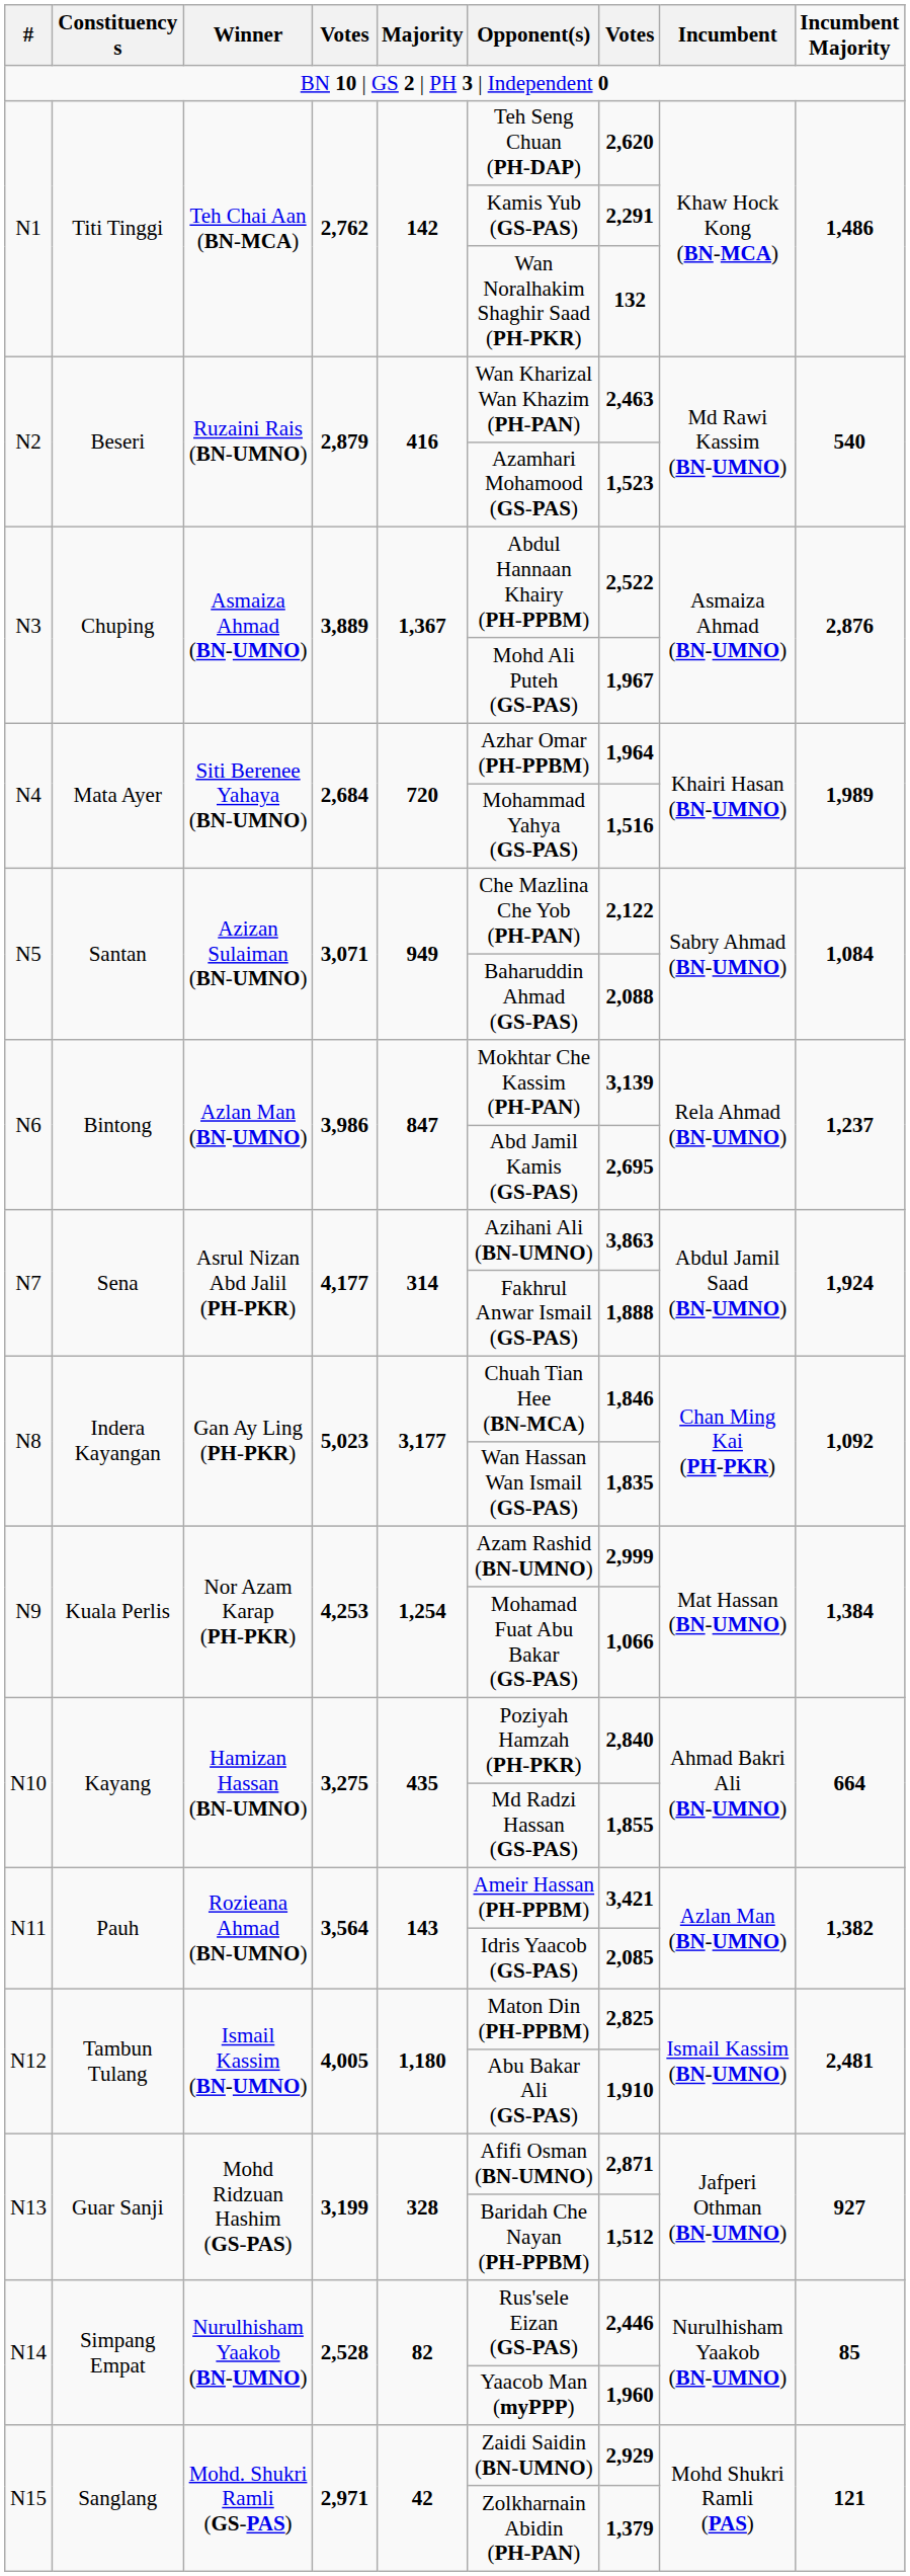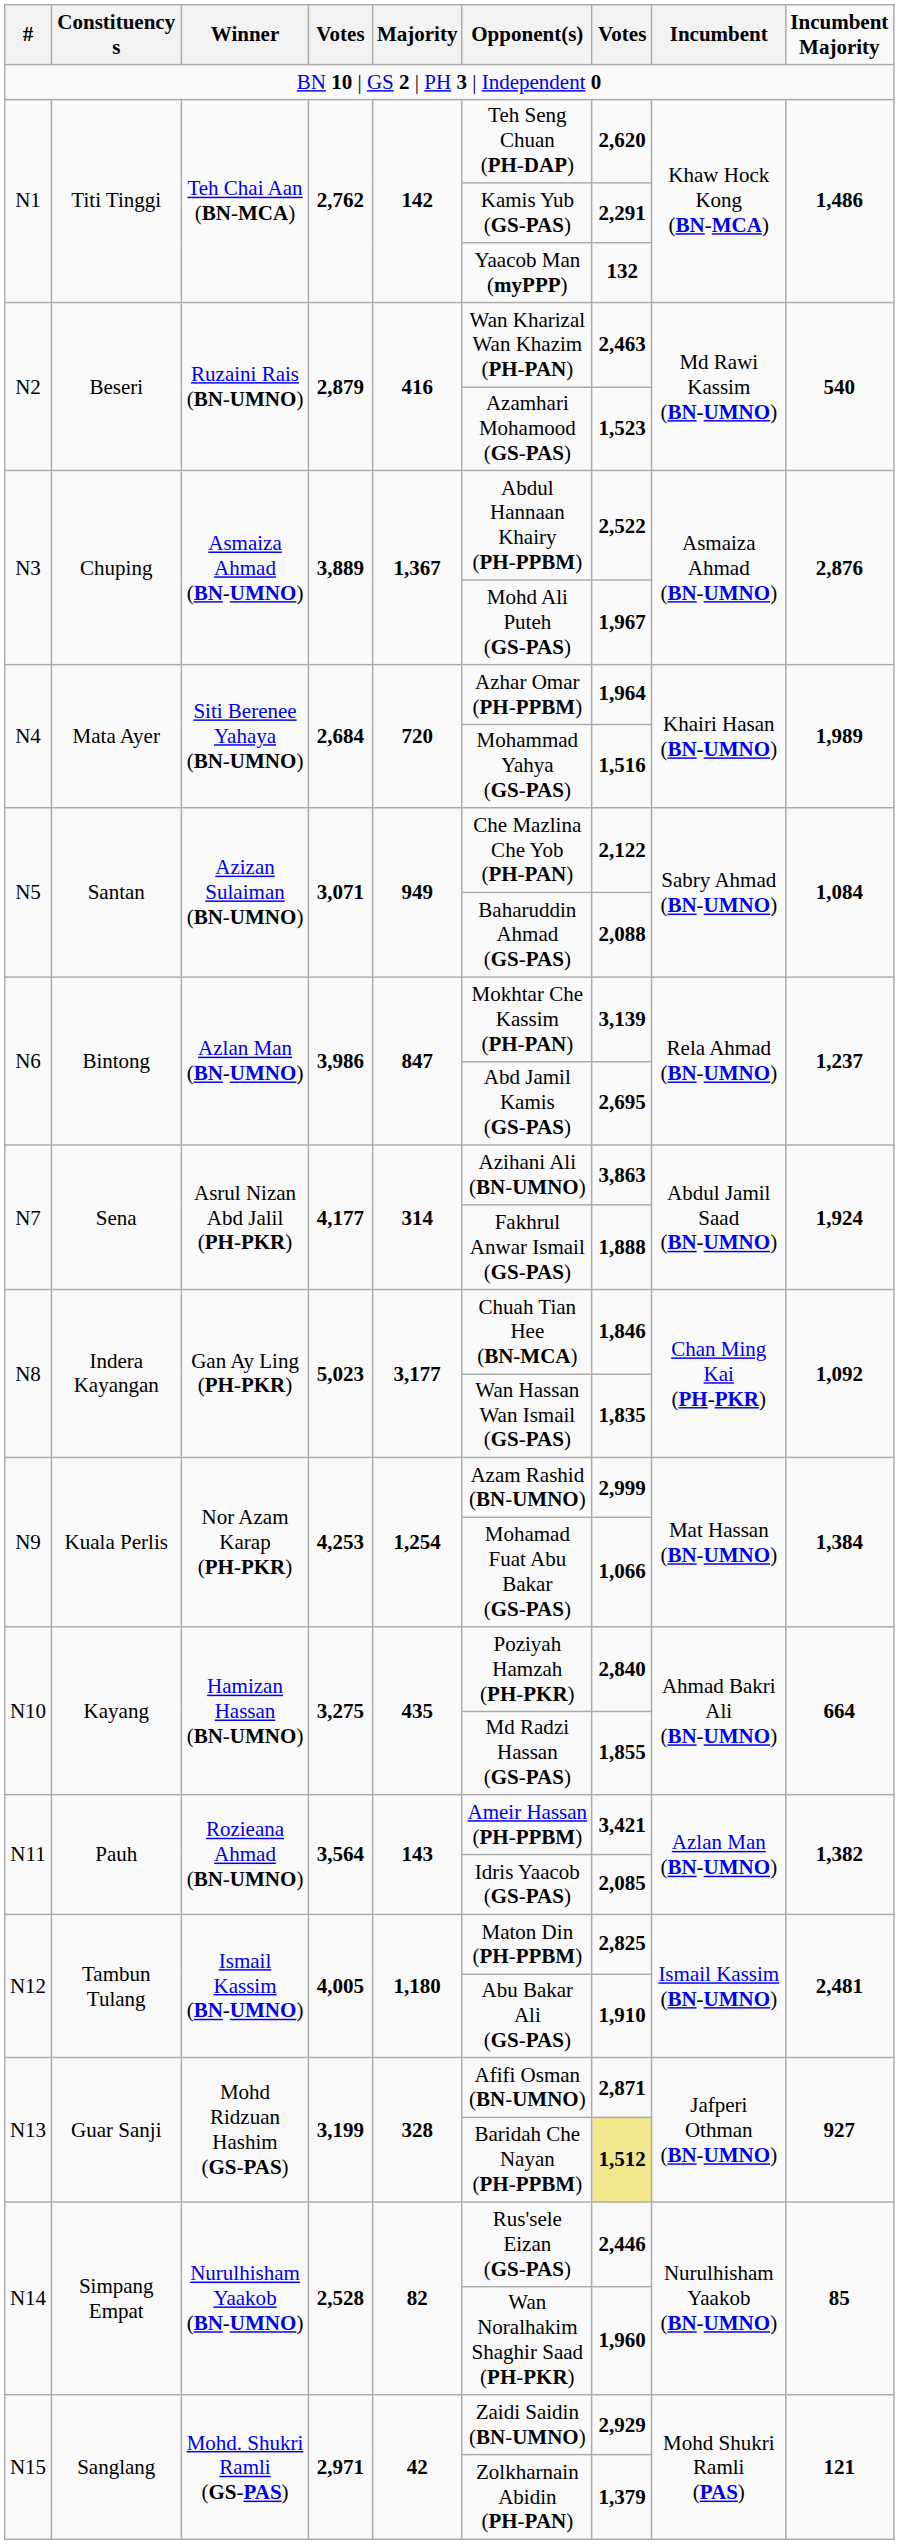 <table class="wikitable" style="text-align:center; font-size:90%">
 <tr>
 <th width="30">#</th>
 <th width="100">Constituency  s</th>
 <th width="150">Winner</th>
 <th width="80">Votes</th>
 <th width="50">Majority</th>
 <th width="150">Opponent(s)</th>
 <th width="50">Votes</th>
 <th width="200">Incumbent</th>
 <td><strong>Incumbent Majority</strong></td>
 </tr>
 <tr>
 <td colspan="13"><a href='#'>BN</a> <strong>10</strong> | <a href='#'>GS</a> <strong>2</strong> | <a href='#'>PH</a> <strong>3</strong> | <a href='#'>Independent</a> <strong>0</strong></td>
 </tr>
 <tr align="center">
 <td rowspan="3">N1</td>
 <td rowspan="3">Titi Tinggi</td>
 <td rowspan="3"><a href='#'>Teh Chai Aan</a> <br> (<strong>BN</strong>-<strong>MCA</strong>)</td>
 <td rowspan="3"><strong>2,762</strong></td>
 <td rowspan="3"><strong>142</strong></td>
 <td>Teh Seng Chuan <br> (<strong>PH</strong>-<strong>DAP</strong>)</td>
 <td><strong>2,620</strong></td>
 <td rowspan="3">Khaw Hock Kong <br> (<strong><a href='#'>BN</a></strong>-<strong><a href='#'>MCA</a></strong>)</td>
 <td rowspan="3"><strong>1,486</strong></td>
 </tr>
 <tr>
 <td>Kamis Yub <br> (<strong>GS</strong>-<strong>PAS</strong>)</td>
 <td><strong>2,291</strong></td>
 </tr>
 <tr>
-<td>Wan Noralhakim Shaghir Saad <br> (<strong>PH</strong>-<strong>PKR</strong>)</td>
+<td>Yaacob Man <br> (<strong>myPPP</strong>)</td>
 <td><strong>132</strong></td>
 </tr>
 <tr>
 <td rowspan="2">N2</td>
 <td rowspan="2">Beseri</td>
 <td rowspan="2"><a href='#'>Ruzaini Rais</a> <br> (<strong>BN</strong>-<strong>UMNO</strong>)</td>
 <td rowspan="2"><strong>2,879</strong></td>
 <td rowspan="2"><strong>416</strong></td>
 <td>Wan Kharizal Wan Khazim <br> (<strong>PH</strong>-<strong>PAN</strong>)</td>
 <td><strong>2,463</strong></td>
 <td rowspan="2">Md Rawi Kassim<br> (<strong><a href='#'>BN</a></strong>-<strong><a href='#'>UMNO</a></strong>)</td>
 <td rowspan="2"><strong>540</strong></td>
 </tr>
 <tr>
 <td>Azamhari Mohamood <br> (<strong>GS</strong>-<strong>PAS</strong>)</td>
 <td><strong>1,523</strong></td>
 </tr>
 <tr>
 <td rowspan="2">N3</td>
 <td rowspan="2">Chuping</td>
 <td rowspan="2"><a href='#'>Asmaiza Ahmad</a><br> (<strong><a href='#'>BN</a></strong>-<strong><a href='#'>UMNO</a></strong>)</td>
 <td rowspan="2"><strong>3,889</strong></td>
 <td rowspan="2"><strong>1,367</strong></td>
 <td>Abdul Hannaan Khairy <br> (<strong>PH</strong>-<strong>PPBM</strong>)</td>
 <td><strong>2,522</strong></td>
 <td rowspan="2">Asmaiza Ahmad<br> (<strong><a href='#'>BN</a></strong>-<strong><a href='#'>UMNO</a></strong>)</td>
 <td rowspan="2"><strong>2,876</strong></td>
 </tr>
 <tr>
 <td>Mohd Ali Puteh <br> (<strong>GS</strong>-<strong>PAS</strong>)</td>
 <td><strong>1,967</strong></td>
 </tr>
 <tr>
 <td rowspan="2">N4</td>
 <td rowspan="2">Mata Ayer</td>
 <td rowspan="2"><a href='#'>Siti Berenee Yahaya</a> <br> (<strong>BN</strong>-<strong>UMNO</strong>)</td>
 <td rowspan="2"><strong>2,684</strong></td>
 <td rowspan="2"><strong>720</strong></td>
 <td>Azhar Omar <br> (<strong>PH</strong>-<strong>PPBM</strong>)</td>
 <td><strong>1,964</strong></td>
 <td rowspan="2">Khairi Hasan<br> (<strong><a href='#'>BN</a></strong>-<strong><a href='#'>UMNO</a></strong>)</td>
 <td rowspan="2"><strong>1,989</strong></td>
 </tr>
 <tr>
 <td>Mohammad Yahya <br> (<strong>GS</strong>-<strong>PAS</strong>)</td>
 <td><strong>1,516</strong></td>
 </tr>
 <tr>
 <td rowspan="2">N5</td>
 <td rowspan="2">Santan</td>
 <td rowspan="2"><a href='#'>Azizan Sulaiman</a> <br> (<strong>BN</strong>-<strong>UMNO</strong>)</td>
 <td rowspan="2"><strong>3,071</strong></td>
 <td rowspan="2"><strong>949</strong></td>
 <td>Che Mazlina Che Yob <br> (<strong>PH</strong>-<strong>PAN</strong>)</td>
 <td><strong>2,122</strong></td>
 <td rowspan="2">Sabry Ahmad<br> (<strong><a href='#'>BN</a></strong>-<strong><a href='#'>UMNO</a></strong>)</td>
 <td rowspan="2"><strong>1,084</strong></td>
 </tr>
 <tr>
 <td>Baharuddin Ahmad <br> (<strong>GS</strong>-<strong>PAS</strong>)</td>
 <td><strong>2,088</strong></td>
 </tr>
 <tr>
 <td rowspan="2">N6</td>
 <td rowspan="2">Bintong</td>
 <td rowspan="2"><a href='#'>Azlan Man</a> <br> (<strong><a href='#'>BN</a></strong>-<strong><a href='#'>UMNO</a></strong>)</td>
 <td rowspan="2"><strong>3,986</strong></td>
 <td rowspan="2"><strong>847</strong></td>
 <td>Mokhtar Che Kassim <br> (<strong>PH</strong>-<strong>PAN</strong>)</td>
 <td><strong>3,139</strong></td>
 <td rowspan="2">Rela Ahmad <br> (<strong><a href='#'>BN</a></strong>-<strong><a href='#'>UMNO</a></strong>)</td>
 <td rowspan="2"><strong>1,237</strong></td>
 </tr>
 <tr>
 <td>Abd Jamil Kamis <br> (<strong>GS</strong>-<strong>PAS</strong>)</td>
 <td><strong>2,695</strong></td>
 </tr>
 <tr>
 <td rowspan="2">N7</td>
 <td rowspan="2">Sena</td>
 <td rowspan="2">Asrul Nizan Abd Jalil <br> (<strong>PH</strong>-<strong>PKR</strong>)</td>
 <td rowspan="2"><strong>4,177</strong></td>
 <td rowspan="2"><strong>314</strong></td>
 <td>Azihani Ali <br> (<strong>BN</strong>-<strong>UMNO</strong>)</td>
 <td><strong>3,863</strong></td>
 <td rowspan="2">Abdul Jamil Saad<br> (<strong><a href='#'>BN</a></strong>-<strong><a href='#'>UMNO</a></strong>)</td>
 <td rowspan="2"><strong>1,924</strong></td>
 </tr>
 <tr>
 <td>Fakhrul Anwar Ismail <br> (<strong>GS</strong>-<strong>PAS</strong>)</td>
 <td><strong>1,888</strong></td>
 </tr>
 <tr>
 <td rowspan="2">N8</td>
 <td rowspan="2">Indera Kayangan</td>
 <td rowspan="2">Gan Ay Ling <br> (<strong>PH</strong>-<strong>PKR</strong>)</td>
 <td rowspan="2"><strong>5,023</strong></td>
 <td rowspan="2"><strong>3,177</strong></td>
 <td>Chuah Tian Hee <br> (<strong>BN</strong>-<strong>MCA</strong>)</td>
 <td><strong>1,846</strong></td>
 <td rowspan="2"><a href='#'>Chan Ming Kai</a> <br> (<strong><a href='#'>PH</a></strong>-<strong><a href='#'>PKR</a></strong>)</td>
 <td rowspan="2"><strong>1,092</strong></td>
 </tr>
 <tr>
 <td>Wan Hassan Wan Ismail <br> (<strong>GS</strong>-<strong>PAS</strong>)</td>
 <td><strong>1,835</strong></td>
 </tr>
 <tr>
 <td rowspan="2">N9</td>
 <td rowspan="2">Kuala Perlis</td>
 <td rowspan="2">Nor Azam Karap <br> (<strong>PH</strong>-<strong>PKR</strong>)</td>
 <td rowspan="2"><strong>4,253</strong></td>
 <td rowspan="2"><strong>1,254</strong></td>
 <td>Azam Rashid <br> (<strong>BN</strong>-<strong>UMNO</strong>)</td>
 <td><strong>2,999</strong></td>
 <td rowspan="2">Mat Hassan<br> (<strong><a href='#'>BN</a></strong>-<strong><a href='#'>UMNO</a></strong>)</td>
 <td rowspan="2"><strong>1,384</strong></td>
 </tr>
 <tr>
 <td>Mohamad Fuat Abu Bakar <br> (<strong>GS</strong>-<strong>PAS</strong>)</td>
 <td><strong>1,066</strong></td>
 </tr>
 <tr>
 <td rowspan="2">N10</td>
 <td rowspan="2">Kayang</td>
 <td rowspan="2"><a href='#'>Hamizan Hassan</a> <br> (<strong>BN</strong>-<strong>UMNO</strong>)</td>
 <td rowspan="2"><strong>3,275</strong></td>
 <td rowspan="2"><strong>435</strong></td>
 <td>Poziyah Hamzah <br> (<strong>PH</strong>-<strong>PKR</strong>)</td>
 <td><strong>2,840</strong></td>
 <td rowspan="2">Ahmad Bakri Ali<br> (<strong><a href='#'>BN</a></strong>-<strong><a href='#'>UMNO</a></strong>)</td>
 <td rowspan="2"><strong>664</strong></td>
 </tr>
 <tr>
 <td>Md Radzi Hassan <br> (<strong>GS</strong>-<strong>PAS</strong>)</td>
 <td><strong>1,855</strong></td>
 </tr>
 <tr>
 <td rowspan="2">N11</td>
 <td rowspan="2">Pauh</td>
 <td rowspan="2"><a href='#'>Rozieana Ahmad</a> <br> (<strong>BN</strong>-<strong>UMNO</strong>)</td>
 <td rowspan="2"><strong>3,564</strong></td>
 <td rowspan="2"><strong>143</strong></td>
 <td><a href='#'>Ameir Hassan</a> <br> (<strong>PH</strong>-<strong>PPBM</strong>)</td>
 <td><strong>3,421</strong></td>
 <td rowspan="2"><a href='#'>Azlan Man</a> <br> (<strong><a href='#'>BN</a></strong>-<strong><a href='#'>UMNO</a></strong>)</td>
 <td rowspan="2"><strong>1,382</strong></td>
 </tr>
 <tr>
 <td>Idris Yaacob <br> (<strong>GS</strong>-<strong>PAS</strong>)</td>
 <td><strong>2,085</strong></td>
 </tr>
 <tr>
 <td rowspan="2">N12</td>
 <td rowspan="2">Tambun Tulang</td>
 <td rowspan="2"><a href='#'>Ismail Kassim</a> <br> (<strong><a href='#'>BN</a></strong>-<strong><a href='#'>UMNO</a></strong>)</td>
 <td rowspan="2"><strong>4,005</strong></td>
 <td rowspan="2"><strong>1,180</strong></td>
 <td>Maton Din <br> (<strong>PH</strong>-<strong>PPBM</strong>)</td>
 <td><strong>2,825</strong></td>
 <td rowspan="2"><a href='#'>Ismail Kassim</a> <br> (<strong><a href='#'>BN</a></strong>-<strong><a href='#'>UMNO</a></strong>)</td>
 <td rowspan="2"><strong>2,481</strong></td>
 </tr>
 <tr>
 <td>Abu Bakar Ali <br> (<strong>GS</strong>-<strong>PAS</strong>)</td>
 <td><strong>1,910</strong></td>
 </tr>
 <tr>
 <td rowspan="2">N13</td>
 <td rowspan="2">Guar Sanji</td>
 <td rowspan="2">Mohd Ridzuan Hashim <br> (<strong>GS</strong>-<strong>PAS</strong>)</td>
 <td rowspan="2"><strong>3,199</strong></td>
 <td rowspan="2"><strong>328</strong></td>
 <td>Afifi Osman <br> (<strong>BN</strong>-<strong>UMNO</strong>)</td>
 <td><strong>2,871</strong></td>
 <td rowspan="2">Jafperi Othman <br> (<strong><a href='#'>BN</a></strong>-<strong><a href='#'>UMNO</a></strong>)</td>
 <td rowspan="2"><strong>927</strong></td>
 </tr>
 <tr>
 <td>Baridah Che Nayan <br> (<strong>PH</strong>-<strong>PPBM</strong>)</td>
-<td><strong>1,512</strong></td>
+<td style="background: khaki;"><strong>1,512</strong></td>
 </tr>
 <tr>
 <td rowspan="2">N14</td>
 <td rowspan="2">Simpang Empat</td>
 <td rowspan="2"><a href='#'>Nurulhisham Yaakob</a> <br> (<strong><a href='#'>BN</a></strong>-<strong><a href='#'>UMNO</a></strong>)</td>
 <td rowspan="2"><strong>2,528</strong></td>
 <td rowspan="2"><strong>82</strong></td>
 <td>Rus'sele Eizan <br> (<strong>GS</strong>-<strong>PAS</strong>)</td>
 <td><strong>2,446</strong></td>
 <td rowspan="2">Nurulhisham Yaakob <br> (<strong><a href='#'>BN</a></strong>-<strong><a href='#'>UMNO</a></strong>)</td>
 <td rowspan="2"><strong>85</strong></td>
 </tr>
 <tr>
-<td>Yaacob Man <br> (<strong>myPPP</strong>)</td>
+<td>Wan Noralhakim Shaghir Saad <br> (<strong>PH</strong>-<strong>PKR</strong>)</td>
 <td><strong>1,960</strong></td>
 </tr>
 <tr>
 <td rowspan="2">N15</td>
 <td rowspan="2">Sanglang</td>
 <td rowspan="2"><a href='#'>Mohd. Shukri Ramli</a> <br> (<strong>GS</strong>-<strong><a href='#'>PAS</a></strong>)</td>
 <td rowspan="2"><strong>2,971</strong></td>
 <td rowspan="2"><strong>42</strong></td>
 <td>Zaidi Saidin <br> (<strong>BN</strong>-<strong>UMNO</strong>)</td>
 <td><strong>2,929</strong></td>
 <td rowspan="2">Mohd Shukri Ramli <br> (<strong><a href='#'>PAS</a></strong>)</td>
 <td rowspan="2"><strong>121</strong></td>
 </tr>
 <tr>
 <td>Zolkharnain Abidin <br> (<strong>PH</strong>-<strong>PAN</strong>)</td>
 <td><strong>1,379</strong></td>
 </tr>
 </table>
